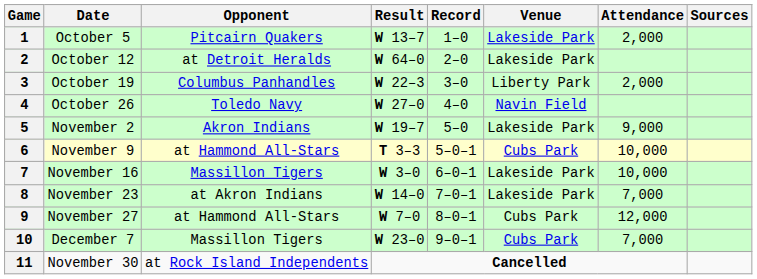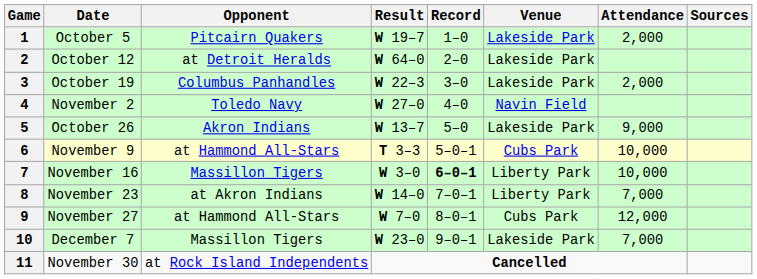 <table class="wikitable" style="text-align:center">
 <tr>
 <th>Game</th>
 <th>Date</th>
 <th>Opponent</th>
 <th>Result</th>
 <th>Record</th>
 <th>Venue</th>
 <th>Attendance</th>
 <th>Sources</th>
 </tr>
 <tr style="background:#cfc">
 <th>1</th>
 <td>October 5</td>
 <td><a href='#'>Pitcairn Quakers</a></td>
-<td><strong>W</strong> 13–7</td>
+<td><strong>W</strong> 19–7</td>
 <td>1–0</td>
 <td><a href='#'>Lakeside Park</a></td>
 <td>2,000</td>
 <td></td>
 </tr>
 <tr style="background:#cfc">
 <th>2</th>
 <td>October 12</td>
 <td>at <a href='#'>Detroit Heralds</a></td>
 <td><strong>W</strong> 64–0</td>
 <td>2–0</td>
 <td>Lakeside Park</td>
 <td></td>
 <td></td>
 </tr>
 <tr style="background:#cfc">
 <th>3</th>
 <td>October 19</td>
 <td><a href='#'>Columbus Panhandles</a></td>
 <td><strong>W</strong> 22–3</td>
 <td>3–0</td>
-<td>Liberty Park</td>
+<td>Lakeside Park</td>
 <td>2,000</td>
 <td></td>
 </tr>
 <tr style="background:#cfc">
 <th>4</th>
-<td>October 26</td>
+<td>November 2</td>
 <td><a href='#'>Toledo Navy</a></td>
 <td><strong>W</strong> 27–0</td>
 <td>4–0</td>
 <td><a href='#'>Navin Field</a></td>
 <td></td>
 <td></td>
 </tr>
 <tr style="background:#cfc">
 <th>5</th>
-<td>November 2</td>
+<td>October 26</td>
 <td><a href='#'>Akron Indians</a></td>
-<td><strong>W</strong> 19–7</td>
+<td><strong>W</strong> 13–7</td>
 <td>5–0</td>
 <td>Lakeside Park</td>
 <td>9,000</td>
 <td></td>
 </tr>
 <tr style="background:#ffc">
 <th>6</th>
 <td>November 9</td>
 <td>at <a href='#'>Hammond All-Stars</a></td>
 <td><strong>T</strong> 3–3</td>
 <td>5–0–1</td>
 <td><a href='#'>Cubs Park</a></td>
 <td>10,000</td>
 <td></td>
 </tr>
 <tr style="background:#cfc">
 <th>7</th>
 <td>November 16</td>
 <td><a href='#'>Massillon Tigers</a></td>
 <td><strong>W</strong> 3–0</td>
-<td>6–0–1</td>
-<td>Lakeside Park</td>
+<td><strong>6–0–1</strong></td>
+<td>Liberty Park</td>
 <td>10,000</td>
 <td></td>
 </tr>
 <tr style="background:#cfc">
 <th>8</th>
 <td>November 23</td>
 <td>at Akron Indians</td>
 <td><strong>W</strong> 14–0</td>
 <td>7–0–1</td>
-<td>Lakeside Park</td>
+<td>Liberty Park</td>
 <td>7,000</td>
 <td></td>
 </tr>
 <tr style="background:#cfc">
 <th>9</th>
 <td>November 27</td>
 <td>at Hammond All-Stars</td>
 <td><strong>W</strong> 7–0</td>
 <td>8–0–1</td>
 <td>Cubs Park</td>
 <td>12,000</td>
 <td></td>
 </tr>
 <tr style="background:#cfc">
 <th>10</th>
 <td>December 7</td>
 <td>Massillon Tigers</td>
 <td><strong>W</strong> 23–0</td>
 <td>9–0–1</td>
-<td><a href='#'>Cubs Park</a></td>
+<td>Lakeside Park</td>
 <td>7,000</td>
 <td></td>
 </tr>
 <tr>
 <th>11</th>
 <td>November 30</td>
 <td>at <a href='#'>Rock Island Independents</a></td>
 <td colspan="4"><strong>Cancelled</strong></td>
 <td></td>
 </tr>
 </table>
